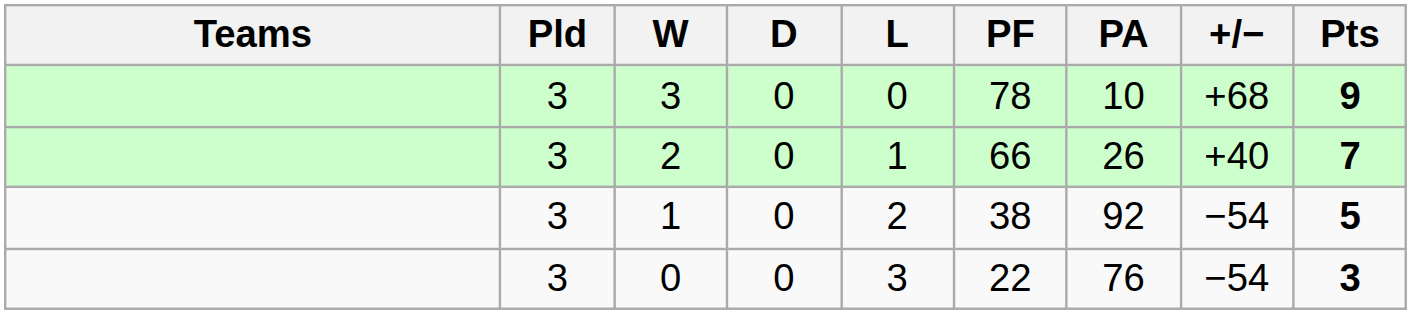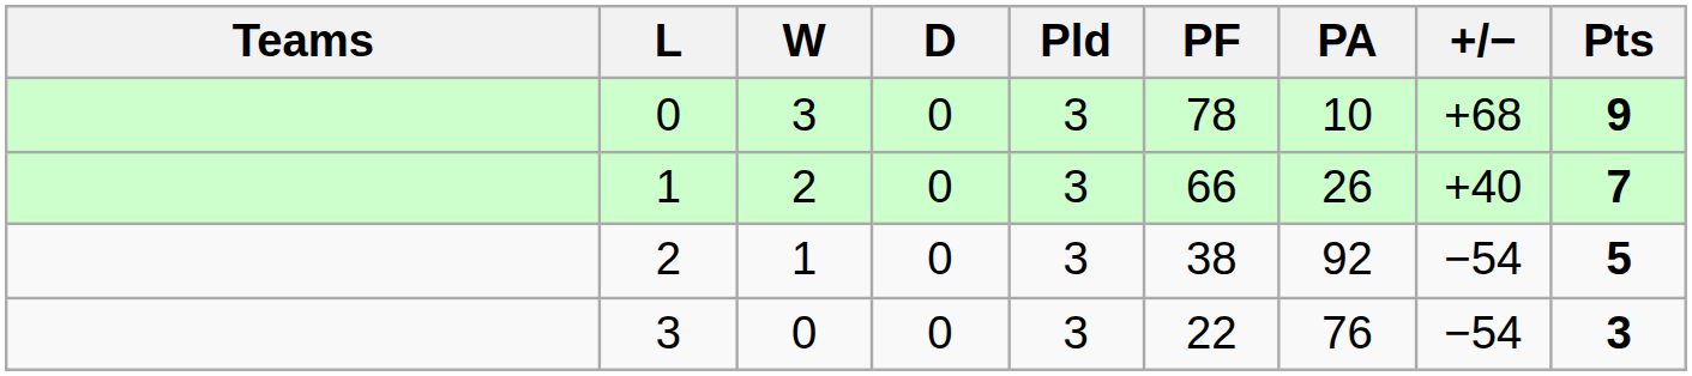 <table class="wikitable" style="text-align: center;">
 <tr>
 <th width="200">Teams</th>
-<th width="40">Pld</th>
+<th width="40">L</th>
 <th width="40">W</th>
 <th width="40">D</th>
-<th width="40">L</th>
+<th width="40">Pld</th>
 <th width="40">PF</th>
 <th width="40">PA</th>
 <th width="40">+/−</th>
 <th width="40">Pts</th>
 </tr>
 <tr style="background:#ccffcc;">
 <td align=left></td>
-<td>3</td>
+<td>0</td>
 <td>3</td>
 <td>0</td>
-<td>0</td>
+<td>3</td>
 <td>78</td>
 <td>10</td>
 <td>+68</td>
 <td><strong>9</strong></td>
 </tr>
 <tr style="background:#ccffcc;">
 <td align=left></td>
-<td>3</td>
+<td>1</td>
 <td>2</td>
 <td>0</td>
-<td>1</td>
+<td>3</td>
 <td>66</td>
 <td>26</td>
 <td>+40</td>
 <td><strong>7</strong></td>
 </tr>
 <tr>
 <td align=left></td>
-<td>3</td>
+<td>2</td>
 <td>1</td>
 <td>0</td>
-<td>2</td>
+<td>3</td>
 <td>38</td>
 <td>92</td>
 <td>−54</td>
 <td><strong>5</strong></td>
 </tr>
 <tr>
 <td align=left></td>
 <td>3</td>
 <td>0</td>
 <td>0</td>
 <td>3</td>
 <td>22</td>
 <td>76</td>
 <td>−54</td>
 <td><strong>3</strong></td>
 </tr>
 </table>
